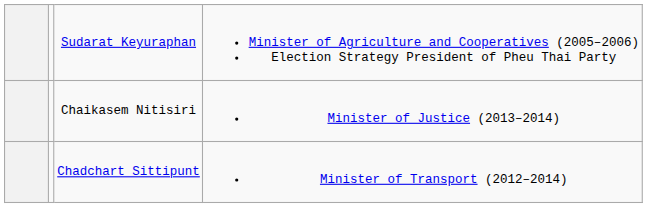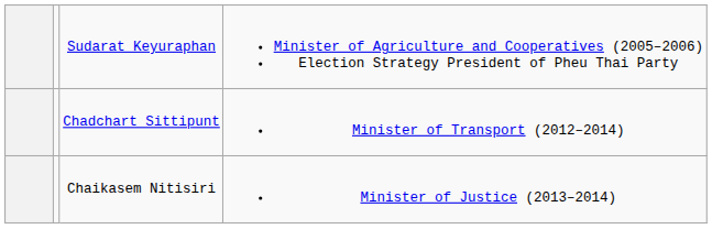 <table class="wikitable" style="font-size:90%; text-align:center;">
 <tr>
 <th style="width:3em; font-size:; background:"></th>
 <td></td>
 <td><a href='#'>Sudarat Keyuraphan</a></td>
 <td><br><ul><li><a href='#'>Minister of Agriculture and Cooperatives</a> (2005–2006)</li><li>Election Strategy President of Pheu Thai Party</li></ul></td>
 </tr>
 <tr>
 <th style="width:3em; font-size:; background:"></th>
 <td></td>
-<td>Chaikasem Nitisiri</td>
-<td><br><ul><li><a href='#'>Minister of Justice</a> (2013–2014)</li></ul></td>
+<td><a href='#'>Chadchart Sittipunt</a></td>
+<td><br><ul><li><a href='#'>Minister of Transport</a> (2012–2014)</li></ul></td>
 </tr>
 <tr>
 <th style="width:3em; font-size:; background:"></th>
 <td></td>
-<td><a href='#'>Chadchart Sittipunt</a></td>
-<td><br><ul><li><a href='#'>Minister of Transport</a> (2012–2014)</li></ul></td>
+<td>Chaikasem Nitisiri</td>
+<td><br><ul><li><a href='#'>Minister of Justice</a> (2013–2014)</li></ul></td>
 </tr>
 </table>
